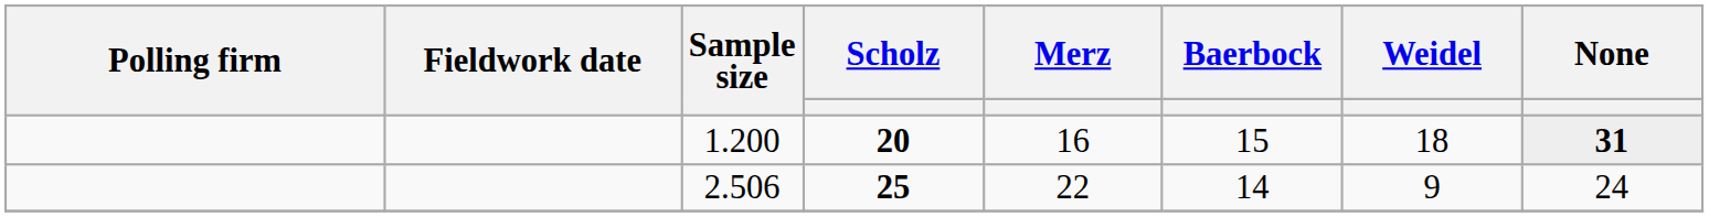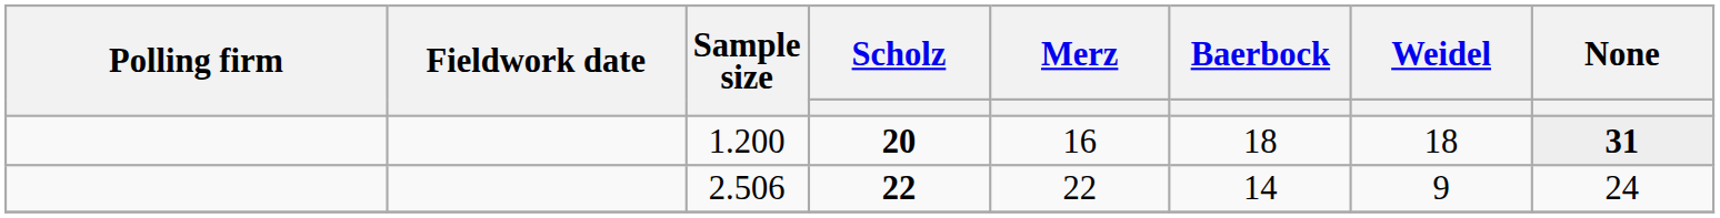 <table class="wikitable sortable mw-datatable" style="text-align:center;font-size:90%;line-height:14px;">
 <tr style="height:40px;">
 <th style="width:155px;" rowspan="2">Polling firm</th>
 <th style="width:120px;" rowspan="2">Fieldwork date</th>
 <th style="width: 35px;" rowspan="2">Sample<br>size</th>
 <th class="unsortable" style="width:70px;"><a href='#'>Scholz</a><br></th>
 <th class="unsortable" style="width:70px;"><a href='#'>Merz</a><br></th>
 <th class="unsortable" style="width:70px;"><a href='#'>Baerbock</a><br></th>
 <th class="unsortable" style="width:70px;"><a href='#'>Weidel</a><br></th>
 <th class="unsortable" style="width:70px;">None</th>
 </tr>
 <tr>
 <th style="background:"></th>
 <th style="background:"></th>
 <th style="background:"></th>
 <th style="background:"></th>
 <th style="background:"></th>
 </tr>
 <tr>
 <td></td>
 <td></td>
 <td>1.200</td>
 <td><strong>20</strong></td>
 <td>16</td>
-<td>15</td>
+<td>18</td>
 <td>18</td>
 <td style="background:#EEEEEE;"><strong>31</strong></td>
 </tr>
 <tr>
 <td></td>
 <td></td>
 <td>2.506</td>
-<td><strong>25</strong></td>
+<td><strong>22</strong></td>
 <td>22</td>
 <td>14</td>
 <td>9</td>
 <td>24</td>
 </tr>
 <tr>
 </tr>
 </table>
